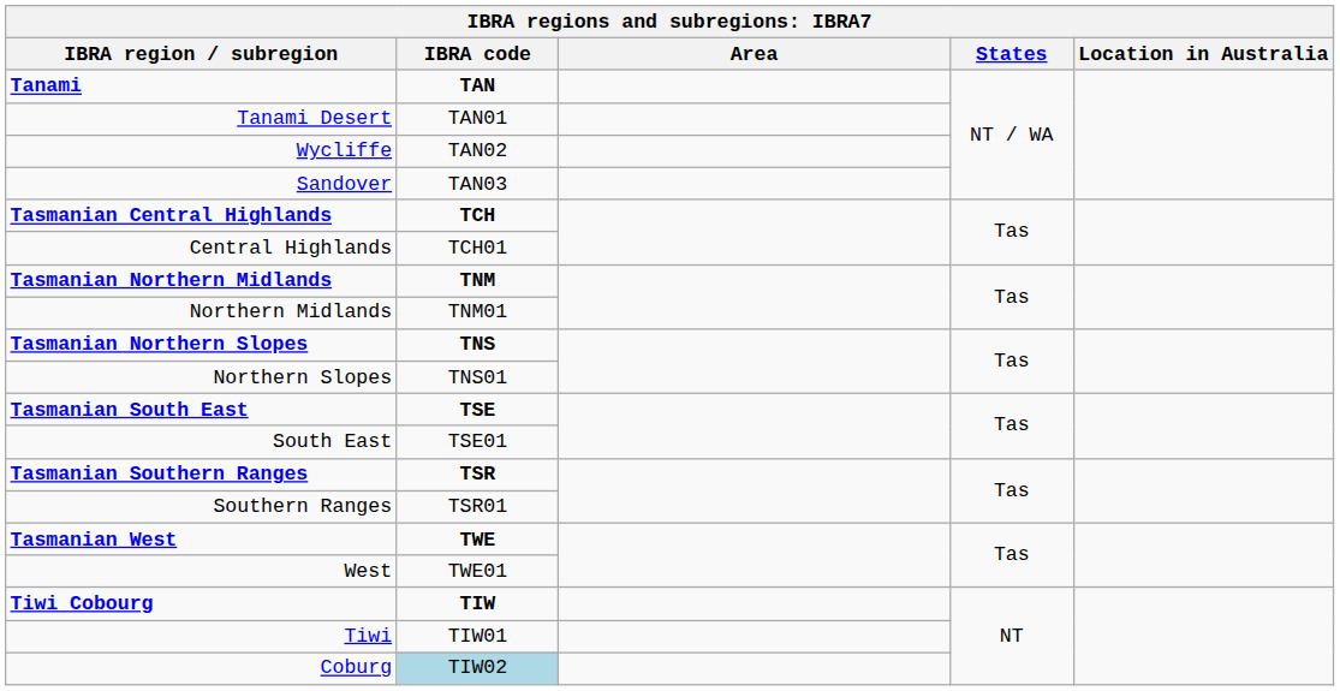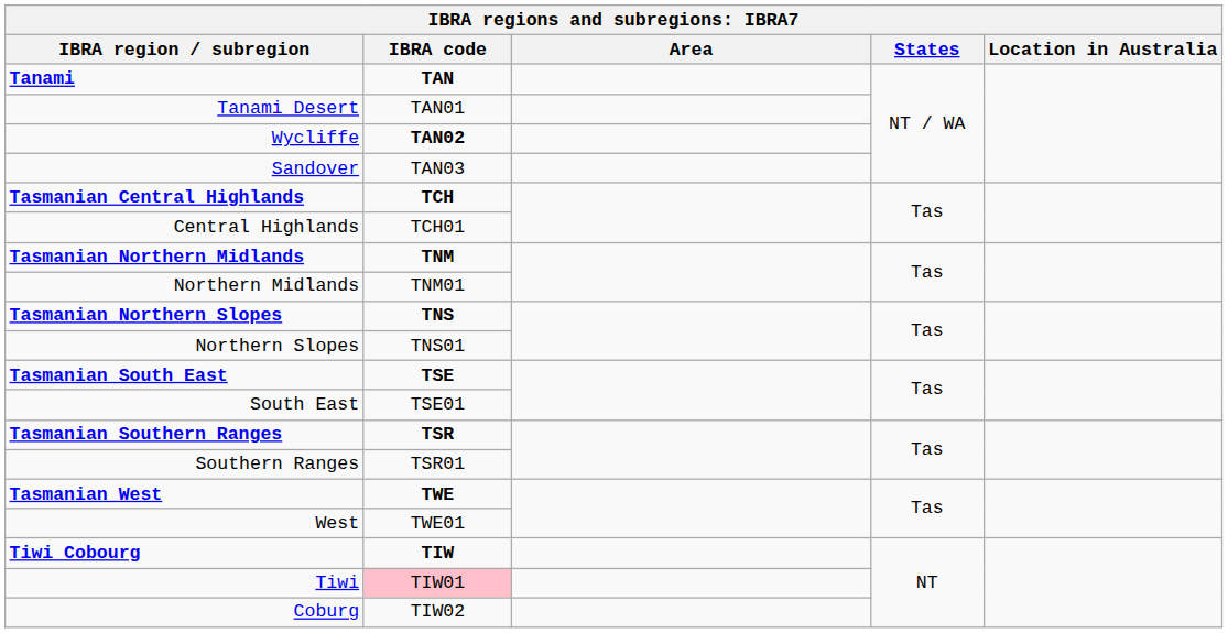 <table class="wikitable sortable">
 <tr>
 <th rowwidth=100px colspan=5>IBRA regions and subregions: IBRA7</th>
 </tr>
 <tr>
 <th scope="col" style="width:250px;">IBRA region / subregion</th>
 <th scope="col" style="width:100px;">IBRA code</th>
 <th scope="col" style="width:250px;">Area</th>
 <th scope="col" style="width:75px;"><a href='#'>States</a></th>
 <th>Location in Australia</th>
 </tr>
 <tr>
 <td><strong><a href='#'>Tanami</a></strong></td>
 <td style="text-align:center;"><strong>TAN</strong></td>
 <td align="right"><strong></strong></td>
 <td style="text-align:center;" rowspan="4">NT / WA</td>
 <td style="text-align:center;" rowspan="4"></td>
 </tr>
 <tr>
 <td align="right"><a href='#'>Tanami Desert</a></td>
 <td style="text-align:center;">TAN01</td>
 <td align="right"></td>
 </tr>
 <tr>
 <td align="right"><a href='#'>Wycliffe</a></td>
-<td style="text-align:center;">TAN02</td>
+<td style="text-align:center;"><strong>TAN02</strong></td>
 <td align="right"></td>
 </tr>
 <tr>
 <td align="right"><a href='#'>Sandover</a></td>
 <td style="text-align:center;">TAN03</td>
 <td align="right"></td>
 </tr>
 <tr>
 <td><strong><a href='#'>Tasmanian Central Highlands</a></strong></td>
 <td style="text-align:center;"><strong>TCH</strong></td>
 <td style="text-align:right;" rowspan="2"><strong></strong></td>
 <td style="text-align:center;" rowspan="2">Tas</td>
 <td style="text-align:center;" rowspan="2"></td>
 </tr>
 <tr>
 <td align="right">Central Highlands</td>
 <td style="text-align:center;">TCH01</td>
 </tr>
 <tr>
 <td><strong><a href='#'>Tasmanian Northern Midlands</a></strong></td>
 <td style="text-align:center;"><strong>TNM</strong></td>
 <td style="text-align:right;" rowspan="2"><strong></strong></td>
 <td style="text-align:center;" rowspan="2">Tas</td>
 <td style="text-align:center;" rowspan="2"></td>
 </tr>
 <tr>
 <td align="right">Northern Midlands</td>
 <td style="text-align:center;">TNM01</td>
 </tr>
 <tr>
 <td><strong><a href='#'>Tasmanian Northern Slopes</a></strong></td>
 <td style="text-align:center;"><strong>TNS</strong></td>
 <td style="text-align:right;" rowspan="2"><strong></strong></td>
 <td style="text-align:center;" rowspan="2">Tas</td>
 <td style="text-align:center;" rowspan="2"></td>
 </tr>
 <tr>
 <td align="right">Northern Slopes</td>
 <td style="text-align:center;">TNS01</td>
 </tr>
 <tr>
 <td><strong><a href='#'>Tasmanian South East</a></strong></td>
 <td style="text-align:center;"><strong>TSE</strong></td>
 <td style="text-align:right;" rowspan="2"><strong></strong></td>
 <td style="text-align:center;" rowspan="2">Tas</td>
 <td style="text-align:center;" rowspan="2"></td>
 </tr>
 <tr>
 <td align="right">South East</td>
 <td style="text-align:center;">TSE01</td>
 </tr>
 <tr>
 <td><strong><a href='#'>Tasmanian Southern Ranges</a></strong></td>
 <td style="text-align:center;"><strong>TSR</strong></td>
 <td style="text-align:right;" rowspan="2"><strong></strong></td>
 <td style="text-align:center;" rowspan="2">Tas</td>
 <td style="text-align:center;" rowspan="2"></td>
 </tr>
 <tr>
 <td align="right">Southern Ranges</td>
 <td style="text-align:center;">TSR01</td>
 </tr>
 <tr>
 <td><strong><a href='#'>Tasmanian West</a></strong></td>
 <td style="text-align:center;"><strong>TWE</strong></td>
 <td style="text-align:right;" rowspan="2"><strong></strong></td>
 <td style="text-align:center;" rowspan="2">Tas</td>
 <td style="text-align:center;" rowspan="2"></td>
 </tr>
 <tr>
 <td align="right">West</td>
 <td style="text-align:center;">TWE01</td>
 </tr>
 <tr>
 <td><strong><a href='#'>Tiwi Cobourg</a></strong></td>
 <td style="text-align:center;"><strong>TIW</strong></td>
 <td align="right"><strong></strong></td>
 <td style="text-align:center;" rowspan="3">NT</td>
 <td style="text-align:center;" rowspan="3"></td>
 </tr>
 <tr>
 <td align="right"><a href='#'>Tiwi</a></td>
-<td style="text-align:center;">TIW01</td>
+<td style="background: pink; text-align:center;">TIW01</td>
 <td align="right"></td>
 </tr>
 <tr>
 <td align="right"><a href='#'>Coburg</a></td>
-<td style="background: lightblue; text-align:center;">TIW02</td>
+<td style="text-align:center;">TIW02</td>
 <td align="right"></td>
 </tr>
 </table>
